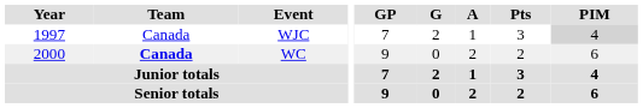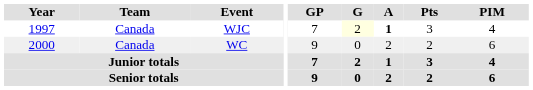 <table border="0" cellpadding="1" cellspacing="0" ID="Table3" style="text-align:center; width:40em">
 <tr ALIGN="center" bgcolor="#e0e0e0">
 <th>Year</th>
 <th>Team</th>
 <th>Event</th>
 <th rowspan="99" bgcolor="#ffffff"></th>
 <th>GP</th>
 <th>G</th>
 <th>A</th>
 <th>Pts</th>
 <th>PIM</th>
 </tr>
 <tr>
 <td><a href='#'>1997</a></td>
 <td><a href='#'>Canada</a></td>
 <td><a href='#'>WJC</a></td>
 <td>7</td>
-<td>2</td>
-<td>1</td>
+<td style="background: lightyellow;">2</td>
+<td><strong>1</strong></td>
 <td>3</td>
-<td style="background: lightgrey;">4</td>
+<td>4</td>
 </tr>
 <tr bgcolor="#f0f0f0">
 <td><a href='#'>2000</a></td>
-<td><strong><a href='#'>Canada</a></strong></td>
+<td><a href='#'>Canada</a></td>
 <td><a href='#'>WC</a></td>
 <td>9</td>
 <td>0</td>
 <td>2</td>
 <td>2</td>
 <td>6</td>
 </tr>
 <tr bgcolor="#e0e0e0">
 <th colspan="3">Junior totals</th>
 <th>7</th>
 <th>2</th>
 <th>1</th>
 <th>3</th>
 <th>4</th>
 </tr>
 <tr bgcolor="#e0e0e0">
 <th colspan="3">Senior totals</th>
 <th>9</th>
 <th>0</th>
 <th>2</th>
 <th>2</th>
 <th>6</th>
 </tr>
 </table>
